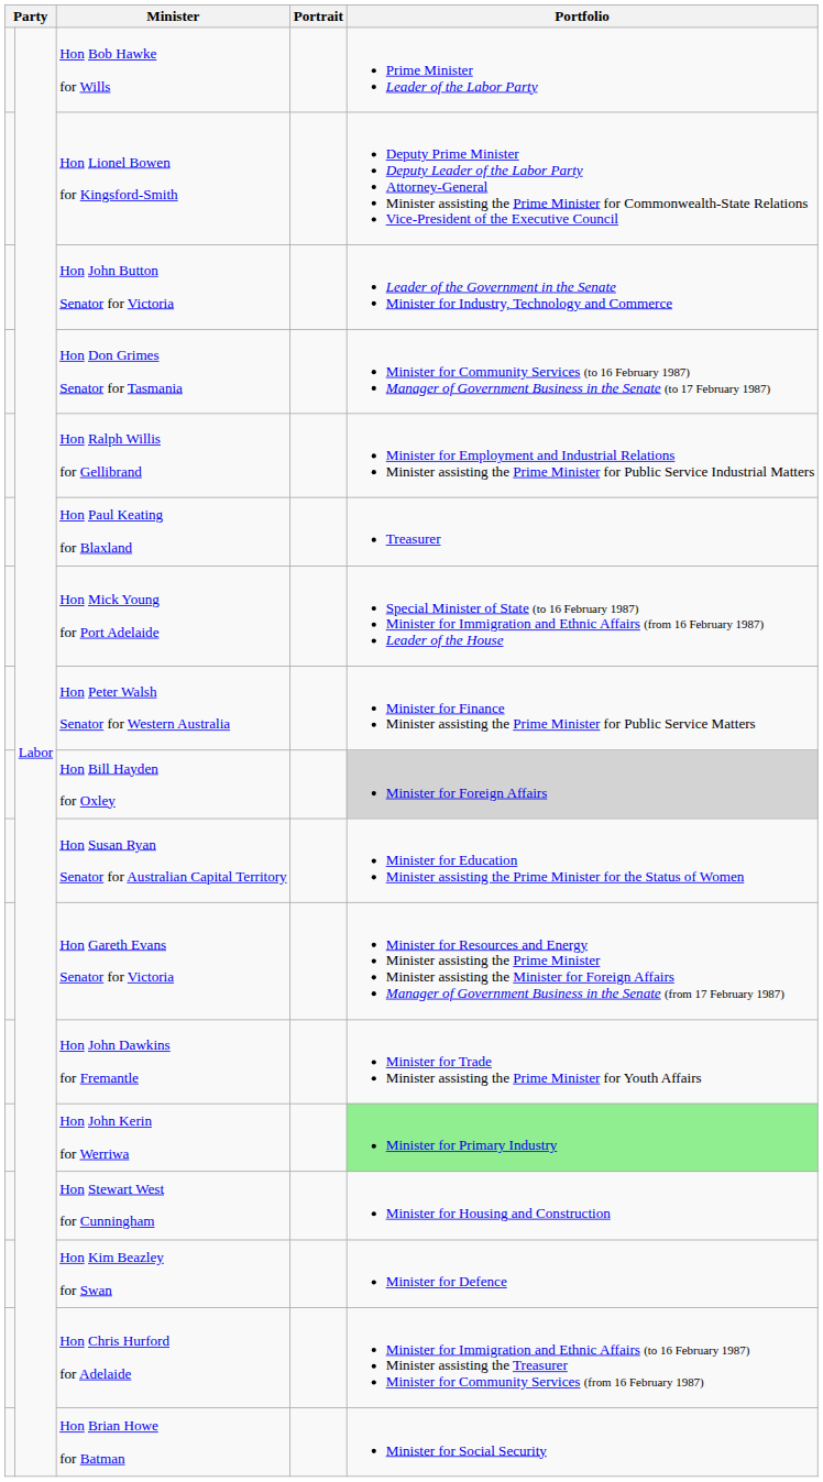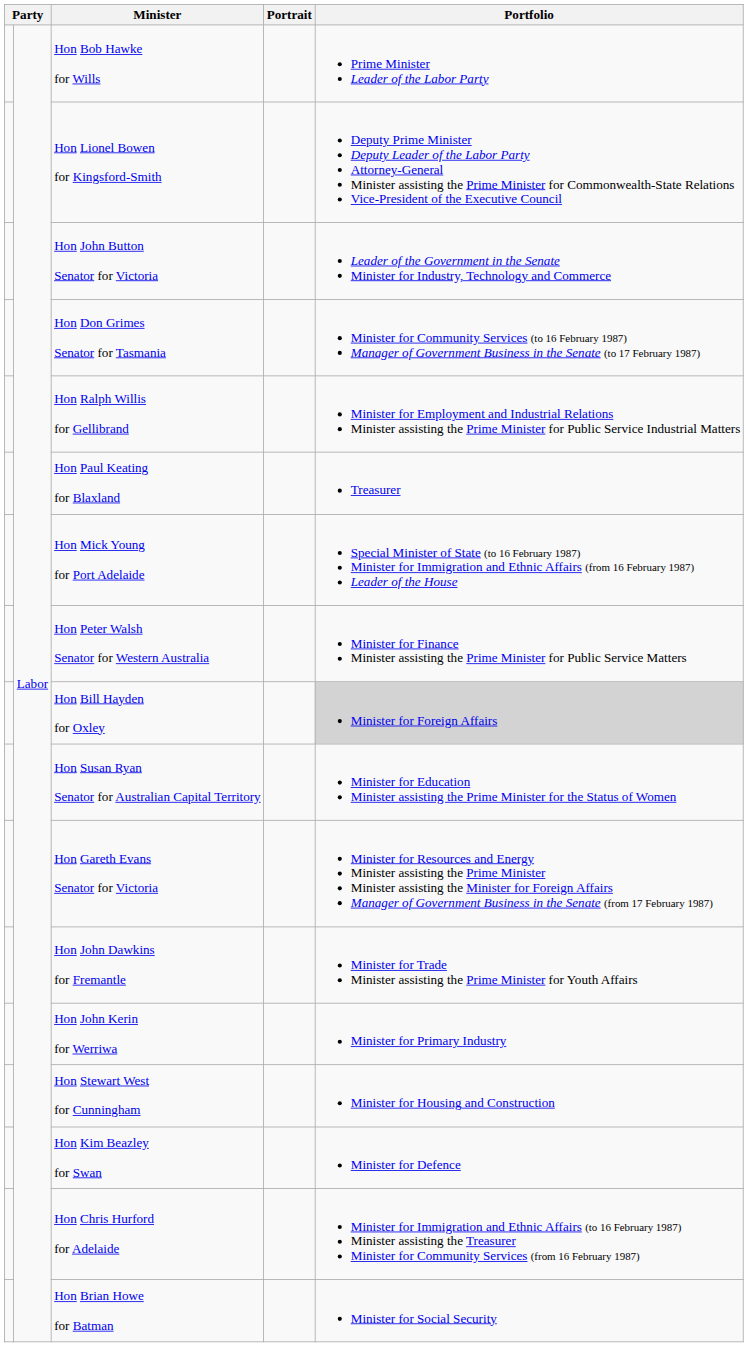 <table class="wikitable sortable">
 <tr>
 <th colspan="2">Party</th>
 <th>Minister</th>
 <th>Portrait</th>
 <th>Portfolio</th>
 </tr>
 <tr>
 <td> </td>
 <td rowspan=17><a href='#'>Labor</a></td>
 <td><a href='#'>Hon</a> <a href='#'>Bob Hawke</a>  <br><br> for <a href='#'>Wills</a> <br></td>
 <td></td>
 <td><br><ul><li><a href='#'>Prime Minister</a></li><li><em><a href='#'>Leader of the Labor Party</a></em></li></ul></td>
 </tr>
 <tr>
 <td> </td>
 <td><a href='#'>Hon</a> <a href='#'>Lionel Bowen</a> <br><br> for <a href='#'>Kingsford-Smith</a> <br></td>
 <td></td>
 <td><br><ul><li><a href='#'>Deputy Prime Minister</a></li><li><em><a href='#'>Deputy Leader of the Labor Party</a></em></li><li><a href='#'>Attorney-General</a></li><li>Minister assisting the <a href='#'>Prime Minister</a> for Commonwealth-State Relations</li><li><a href='#'>Vice-President of the Executive Council</a></li></ul></td>
 </tr>
 <tr>
 <td> </td>
 <td><a href='#'>Hon</a> <a href='#'>John Button</a> <br><br><a href='#'>Senator</a> for <a href='#'>Victoria</a> <br></td>
 <td></td>
 <td><br><ul><li><em><a href='#'>Leader of the Government in the Senate</a></em></li><li><a href='#'>Minister for Industry, Technology and Commerce</a></li></ul></td>
 </tr>
 <tr>
 <td> </td>
 <td><a href='#'>Hon</a> <a href='#'>Don Grimes</a> <br><br><a href='#'>Senator</a> for <a href='#'>Tasmania</a> <br></td>
 <td></td>
 <td><br><ul><li><a href='#'>Minister for Community Services</a> <small>(to 16 February 1987)</small></li><li><em><a href='#'>Manager of Government Business in the Senate</a></em> <small>(to 17 February 1987)</small></li></ul></td>
 </tr>
 <tr>
 <td> </td>
 <td><a href='#'>Hon</a> <a href='#'>Ralph Willis</a> <br><br> for <a href='#'>Gellibrand</a> <br></td>
 <td></td>
 <td><br><ul><li><a href='#'>Minister for Employment and Industrial Relations</a></li><li>Minister assisting the <a href='#'>Prime Minister</a> for Public Service Industrial Matters</li></ul></td>
 </tr>
 <tr>
 <td> </td>
 <td><a href='#'>Hon</a> <a href='#'>Paul Keating</a> <br><br> for <a href='#'>Blaxland</a> <br></td>
 <td></td>
 <td><br><ul><li><a href='#'>Treasurer</a></li></ul></td>
 </tr>
 <tr>
 <td> </td>
 <td><a href='#'>Hon</a> <a href='#'>Mick Young</a> <br><br> for <a href='#'>Port Adelaide</a> <br></td>
 <td></td>
 <td><br><ul><li><a href='#'>Special Minister of State</a> <small>(to 16 February 1987)</small></li><li><a href='#'>Minister for Immigration and Ethnic Affairs</a> <small>(from 16 February 1987)</small></li><li><em><a href='#'>Leader of the House</a></em></li></ul></td>
 </tr>
 <tr>
 <td> </td>
 <td><a href='#'>Hon</a> <a href='#'>Peter Walsh</a> <br><br><a href='#'>Senator</a> for <a href='#'>Western Australia</a> <br></td>
 <td></td>
 <td><br><ul><li><a href='#'>Minister for Finance</a></li><li>Minister assisting the <a href='#'>Prime Minister</a> for Public Service Matters</li></ul></td>
 </tr>
 <tr>
 <td> </td>
 <td><a href='#'>Hon</a> <a href='#'>Bill Hayden</a> <br><br> for <a href='#'>Oxley</a> <br></td>
 <td></td>
 <td style="background: lightgrey;"><br><ul><li><a href='#'>Minister for Foreign Affairs</a></li></ul></td>
 </tr>
 <tr>
 <td> </td>
 <td><a href='#'>Hon</a> <a href='#'>Susan Ryan</a> <br><br><a href='#'>Senator</a> for <a href='#'>Australian Capital Territory</a> <br></td>
 <td></td>
 <td><br><ul><li><a href='#'>Minister for Education</a></li><li><a href='#'>Minister assisting the Prime Minister for the Status of Women</a></li></ul></td>
 </tr>
 <tr>
 <td> </td>
 <td><a href='#'>Hon</a> <a href='#'>Gareth Evans</a>  <br><br><a href='#'>Senator</a> for <a href='#'>Victoria</a> <br></td>
 <td></td>
 <td><br><ul><li><a href='#'>Minister for Resources and Energy</a></li><li>Minister assisting the <a href='#'>Prime Minister</a></li><li>Minister assisting the <a href='#'>Minister for Foreign Affairs</a></li><li><em><a href='#'>Manager of Government Business in the Senate</a></em> <small>(from 17 February 1987)</small></li></ul></td>
 </tr>
 <tr>
 <td> </td>
 <td><a href='#'>Hon</a> <a href='#'>John Dawkins</a> <br><br> for <a href='#'>Fremantle</a> <br></td>
 <td></td>
 <td><br><ul><li><a href='#'>Minister for Trade</a></li><li>Minister assisting the <a href='#'>Prime Minister</a> for Youth Affairs</li></ul></td>
 </tr>
 <tr>
 <td> </td>
 <td><a href='#'>Hon</a> <a href='#'>John Kerin</a> <br><br> for <a href='#'>Werriwa</a> <br></td>
 <td></td>
-<td style="background: lightgreen;"><br><ul><li><a href='#'>Minister for Primary Industry</a></li></ul></td>
+<td><br><ul><li><a href='#'>Minister for Primary Industry</a></li></ul></td>
 </tr>
 <tr>
 <td> </td>
 <td><a href='#'>Hon</a> <a href='#'>Stewart West</a> <br><br> for <a href='#'>Cunningham</a> <br></td>
 <td></td>
 <td><br><ul><li><a href='#'>Minister for Housing and Construction</a></li></ul></td>
 </tr>
 <tr>
 <td> </td>
 <td><a href='#'>Hon</a> <a href='#'>Kim Beazley</a> <br><br> for <a href='#'>Swan</a> <br></td>
 <td></td>
 <td><br><ul><li><a href='#'>Minister for Defence</a></li></ul></td>
 </tr>
 <tr>
 <td> </td>
 <td><a href='#'>Hon</a> <a href='#'>Chris Hurford</a> <br><br> for <a href='#'>Adelaide</a> <br></td>
 <td></td>
 <td><br><ul><li><a href='#'>Minister for Immigration and Ethnic Affairs</a> <small>(to 16 February 1987)</small></li><li>Minister assisting the <a href='#'>Treasurer</a></li><li><a href='#'>Minister for Community Services</a> <small>(from 16 February 1987)</small></li></ul></td>
 </tr>
 <tr>
 <td> </td>
 <td><a href='#'>Hon</a> <a href='#'>Brian Howe</a> <br><br> for <a href='#'>Batman</a> <br></td>
 <td></td>
 <td><br><ul><li><a href='#'>Minister for Social Security</a></li></ul></td>
 </tr>
 </table>
